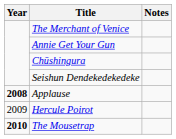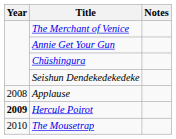 <table class="wikitable">
 <tr>
 <th>Year</th>
 <th>Title</th>
 <th>Notes</th>
 </tr>
 <tr>
 <td rowspan="4"></td>
 <td><em><a href='#'>The Merchant of Venice</a></em></td>
 <td></td>
 </tr>
 <tr>
 <td><em><a href='#'>Annie Get Your Gun</a></em></td>
 <td></td>
 </tr>
 <tr>
 <td><em><a href='#'>Chūshingura</a></em></td>
 <td></td>
 </tr>
 <tr>
 <td><em>Seishun Dendekedekedeke</em></td>
 <td></td>
 </tr>
 <tr>
-<td><strong>2008</strong></td>
+<td>2008</td>
 <td><em>Applause</em></td>
 <td></td>
 </tr>
 <tr>
-<td>2009</td>
+<td><strong>2009</strong></td>
 <td><em><a href='#'>Hercule Poirot</a></em></td>
 <td></td>
 </tr>
 <tr>
-<td><strong>2010</strong></td>
+<td>2010</td>
 <td><em><a href='#'>The Mousetrap</a></em></td>
 <td></td>
 </tr>
 </table>
